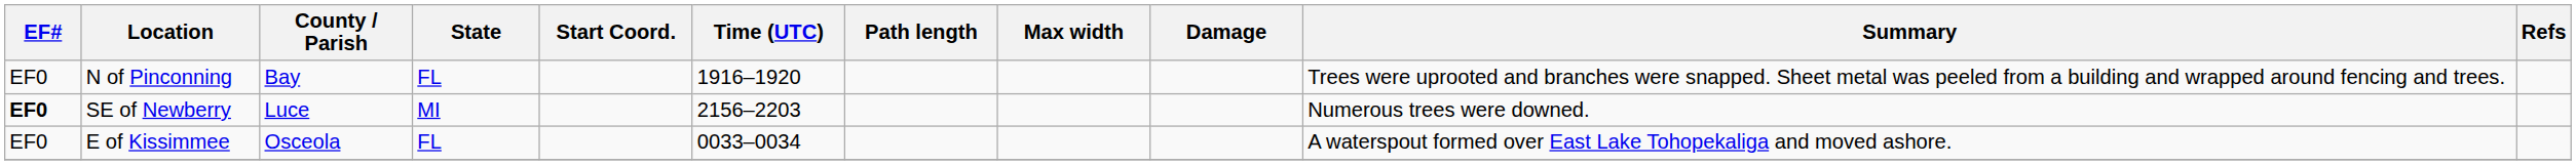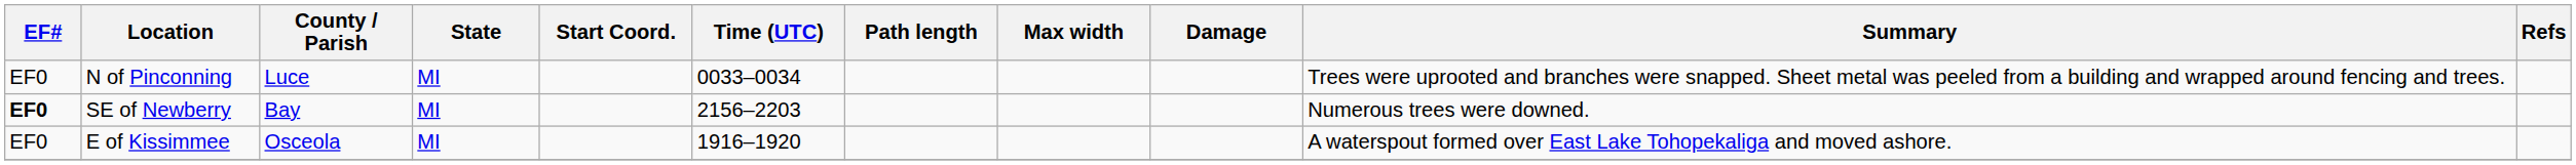 <table class="wikitable sortable" style="width:100%;">
 <tr>
 <th scope="col" width="3%" align="center"><a href='#'>EF#</a></th>
 <th scope="col" width="7%" align="center" class="unsortable">Location</th>
 <th scope="col" width="6%" align="center" class="unsortable">County / Parish</th>
 <th scope="col" width="5%" align="center">State</th>
 <th scope="col" width="6%" align="center">Start Coord.</th>
 <th scope="col" width="6%" align="center">Time (<a href='#'>UTC</a>)</th>
 <th scope="col" width="6%" align="center">Path length</th>
 <th scope="col" width="6%" align="center">Max width</th>
 <th scope="col" width="6%" align="center">Damage</th>
 <th scope="col" width="48%" class="unsortable" align="center">Summary</th>
 <th scope="col" width="48%" class="unsortable" align="center">Refs</th>
 </tr>
 <tr>
 <td>EF0</td>
 <td>N of <a href='#'>Pinconning</a></td>
-<td><a href='#'>Bay</a></td>
-<td><a href='#'>FL</a></td>
+<td><a href='#'>Luce</a></td>
+<td><a href='#'>MI</a></td>
 <td></td>
-<td>1916–1920</td>
+<td>0033–0034</td>
 <td></td>
 <td></td>
 <td></td>
 <td>Trees were uprooted and branches were snapped. Sheet metal was peeled from a building and wrapped around fencing and trees.</td>
 <td></td>
 </tr>
 <tr>
 <td><strong>EF0</strong></td>
 <td>SE of <a href='#'>Newberry</a></td>
-<td><a href='#'>Luce</a></td>
+<td><a href='#'>Bay</a></td>
 <td><a href='#'>MI</a></td>
 <td></td>
 <td>2156–2203</td>
 <td></td>
 <td></td>
 <td></td>
 <td>Numerous trees were downed.</td>
 <td></td>
 </tr>
 <tr>
 <td>EF0</td>
 <td>E of <a href='#'>Kissimmee</a></td>
 <td><a href='#'>Osceola</a></td>
-<td><a href='#'>FL</a></td>
+<td><a href='#'>MI</a></td>
 <td></td>
-<td>0033–0034</td>
+<td>1916–1920</td>
 <td></td>
 <td></td>
 <td></td>
 <td>A waterspout formed over <a href='#'>East Lake Tohopekaliga</a> and moved ashore.</td>
 <td></td>
 </tr>
 <tr>
 </tr>
 </table>
